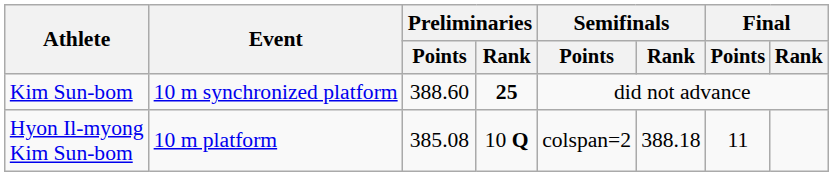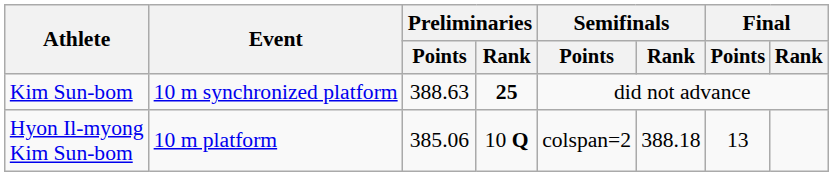 <table class=wikitable style="font-size:90%;">
 <tr>
 <th rowspan="2">Athlete</th>
 <th rowspan="2">Event</th>
 <th colspan="2">Preliminaries</th>
 <th colspan="2">Semifinals</th>
 <th colspan="2">Final</th>
 </tr>
 <tr style="font-size:95%">
 <th>Points</th>
 <th>Rank</th>
 <th>Points</th>
 <th>Rank</th>
 <th>Points</th>
 <th>Rank</th>
 </tr>
 <tr align=center>
 <td align=left><a href='#'>Kim Sun-bom</a></td>
 <td align=left><a href='#'>10 m synchronized platform</a></td>
-<td>388.60</td>
+<td>388.63</td>
 <td><strong>25</strong></td>
 <td colspan=4>did not advance</td>
 </tr>
 <tr align=center>
 <td align=left><a href='#'>Hyon Il-myong</a><br><a href='#'>Kim Sun-bom</a></td>
 <td align=left><a href='#'>10 m platform</a></td>
-<td>385.08</td>
+<td>385.06</td>
 <td>10 <strong>Q</strong></td>
 <td>colspan=2 </td>
 <td>388.18</td>
-<td>11</td>
+<td>13</td>
 </tr>
 </table>
